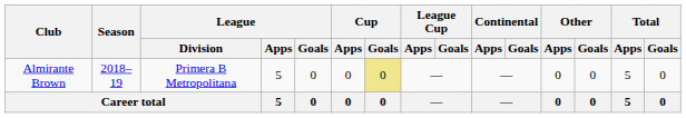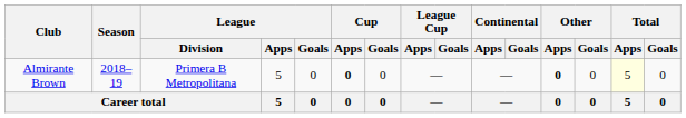 <table class="wikitable" style="text-align:center">
 <tr>
 <th rowspan="2">Club</th>
 <th rowspan="2">Season</th>
 <th colspan="3">League</th>
 <th colspan="2">Cup</th>
 <th colspan="2">League Cup</th>
 <th colspan="2">Continental</th>
 <th colspan="2">Other</th>
 <th colspan="2">Total</th>
 </tr>
 <tr>
 <th>Division</th>
 <th>Apps</th>
 <th>Goals</th>
 <th>Apps</th>
 <th>Goals</th>
 <th>Apps</th>
 <th>Goals</th>
 <th>Apps</th>
 <th>Goals</th>
 <th>Apps</th>
 <th>Goals</th>
 <th>Apps</th>
 <th>Goals</th>
 </tr>
 <tr>
 <td rowspan="1"><a href='#'>Almirante Brown</a></td>
 <td><a href='#'>2018–19</a></td>
 <td rowspan="1"><a href='#'>Primera B Metropolitana</a></td>
 <td>5</td>
 <td>0</td>
+<td><strong>0</strong></td>
 <td>0</td>
-<td style="background: khaki;">0</td>
 <td colspan="2">—</td>
 <td colspan="2">—</td>
+<td><strong>0</strong></td>
 <td>0</td>
-<td>0</td>
-<td>5</td>
+<td style="background: lightyellow;">5</td>
 <td>0</td>
 </tr>
 <tr>
 <th colspan="3">Career total</th>
 <th>5</th>
 <th>0</th>
 <th>0</th>
 <th>0</th>
 <th colspan="2">—</th>
 <th colspan="2">—</th>
 <th>0</th>
 <th>0</th>
 <th>5</th>
 <th>0</th>
 </tr>
 </table>
